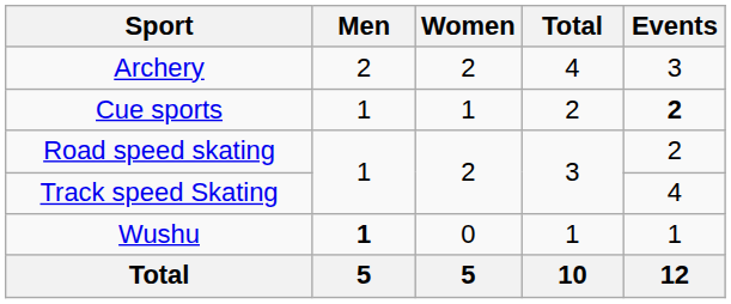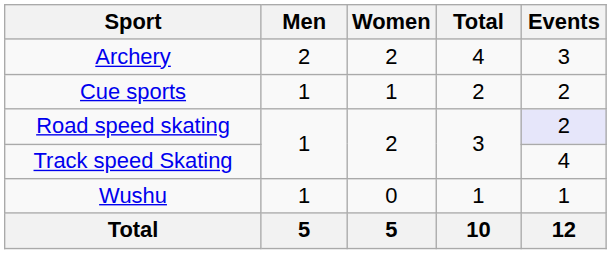 <table class="wikitable sortable" style="text-align:center;">
 <tr>
 <th width=180>Sport</th>
 <th width=55>Men</th>
 <th width=55>Women</th>
 <th width=55>Total</th>
 <th width=55>Events</th>
 </tr>
 <tr>
 <td><a href='#'>Archery</a></td>
 <td>2</td>
 <td>2</td>
 <td>4</td>
 <td>3</td>
 </tr>
 <tr>
 <td><a href='#'>Cue sports</a></td>
 <td>1</td>
 <td>1</td>
 <td>2</td>
-<td><strong>2</strong></td>
+<td>2</td>
 </tr>
 <tr>
 <td><a href='#'>Road speed skating</a></td>
 <td rowspan="2">1</td>
 <td rowspan="2">2</td>
 <td rowspan="2">3</td>
-<td>2</td>
+<td style="background: lavender;">2</td>
 </tr>
 <tr>
 <td><a href='#'>Track speed Skating</a></td>
 <td>4</td>
 </tr>
 <tr>
 <td><a href='#'>Wushu</a></td>
-<td><strong>1</strong></td>
+<td>1</td>
 <td>0</td>
 <td>1</td>
 <td>1</td>
 </tr>
 <tr>
 <th>Total</th>
 <th>5</th>
 <th>5</th>
 <th>10</th>
 <th>12</th>
 </tr>
 </table>
